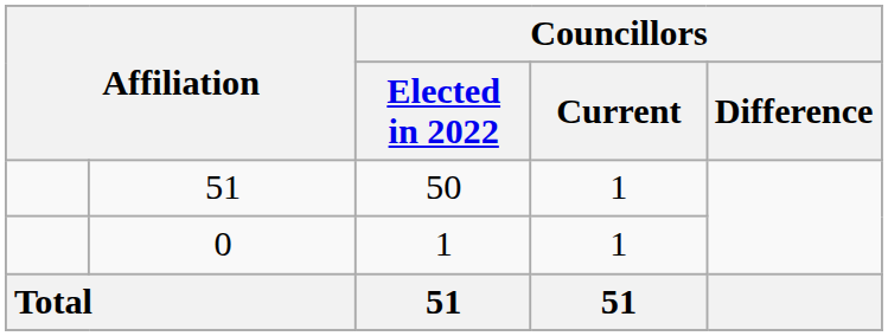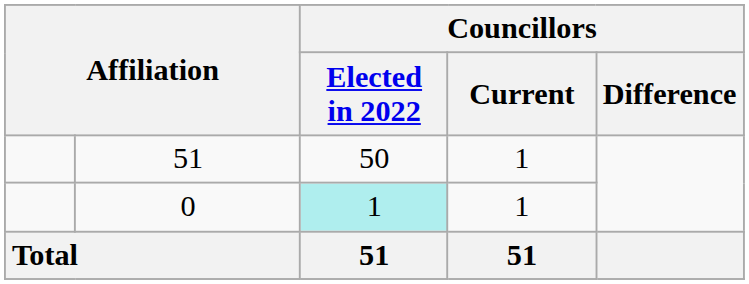 <table class="wikitable" style="text-align:center;">
 <tr>
 <th colspan="2" rowspan="2" class=unsortable style="width:40%; vertical-align:middle;">Affiliation</th>
 <th colspan="3"                              style="vertical-align:top;">Councillors</th>
 </tr>
 <tr>
 <th data-sort-type=number style="width:20%;"><a href='#'>Elected <br>in 2022</a></th>
 <th style="width:20%;">Current</th>
 <th style="width:20%;">Differ­ence</th>
 </tr>
 <tr>
 <td></td>
 <td>51</td>
 <td>50</td>
 <td> 1</td>
 </tr>
 <tr>
 <td></td>
 <td>0</td>
-<td>1</td>
+<td style="background: paleturquoise;">1</td>
 <td> 1</td>
 </tr>
 <tr>
 <th colspan="2" style="text-align:left;">Total</th>
 <th>51</th>
 <th>51</th>
 <th></th>
 </tr>
 </table>
